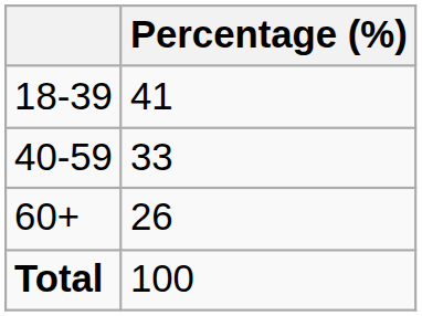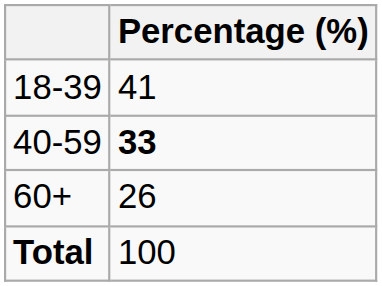 <table class="wikitable">
 <tr>
 <th></th>
 <th>Percentage (%)</th>
 </tr>
 <tr>
 <td>18-39</td>
 <td>41</td>
 </tr>
 <tr>
 <td>40-59</td>
-<td>33</td>
+<td><strong>33</strong></td>
 </tr>
 <tr>
 <td>60+</td>
 <td>26</td>
 </tr>
 <tr>
 <td><strong>Total</strong></td>
 <td>100</td>
 </tr>
 </table>
